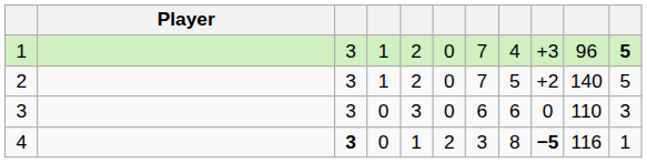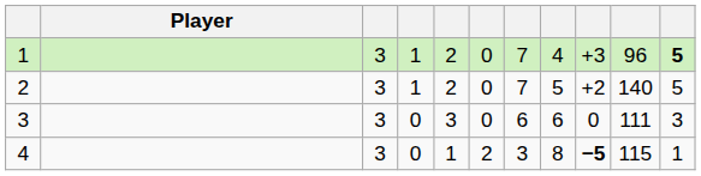 <table class="wikitable" style="text-align:center; margin: 1em auto 1em auto, align:left">
 <tr>
 <th width=20></th>
 <th width=240>Player</th>
 <th width=20></th>
 <th width=20></th>
 <th width=20></th>
 <th width=20></th>
 <th width=20></th>
 <th width=20></th>
 <th width=20></th>
 <th width=30></th>
 <th width=20></th>
 </tr>
 <tr style="background:#D0F0C0;">
 <td>1</td>
 <td align=left></td>
 <td>3</td>
 <td>1</td>
 <td>2</td>
 <td>0</td>
 <td>7</td>
 <td>4</td>
 <td>+3</td>
 <td>96</td>
 <td><strong>5</strong></td>
 </tr>
 <tr style=>
 <td>2</td>
 <td align=left></td>
 <td>3</td>
 <td>1</td>
 <td>2</td>
 <td>0</td>
 <td>7</td>
 <td>5</td>
 <td>+2</td>
 <td>140</td>
 <td>5</td>
 </tr>
 <tr style=>
 <td>3</td>
 <td align=left></td>
 <td>3</td>
 <td>0</td>
 <td>3</td>
 <td>0</td>
 <td>6</td>
 <td>6</td>
 <td>0</td>
-<td>110</td>
+<td>111</td>
 <td>3</td>
 </tr>
 <tr style=>
 <td>4</td>
 <td align=left></td>
-<td><strong>3</strong></td>
+<td>3</td>
 <td>0</td>
 <td>1</td>
 <td>2</td>
 <td>3</td>
 <td>8</td>
 <td><strong>−5</strong></td>
-<td>116</td>
+<td>115</td>
 <td>1</td>
 </tr>
 </table>
